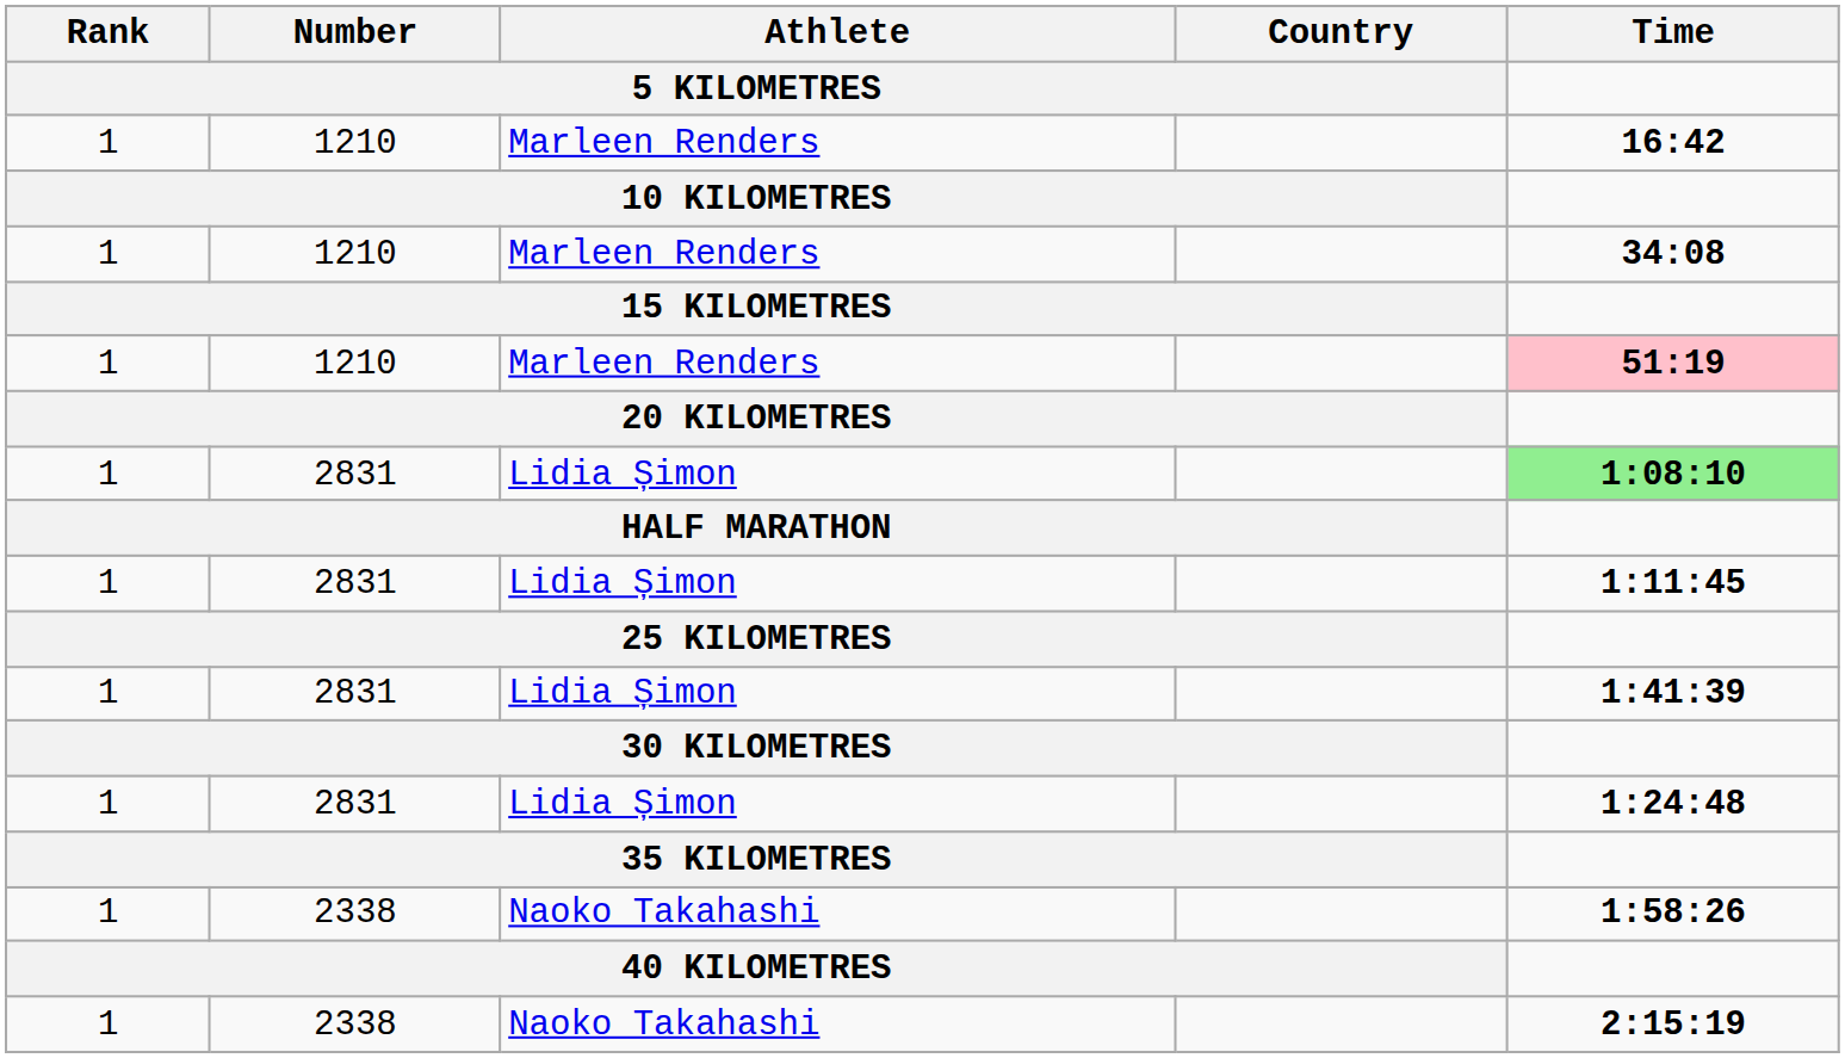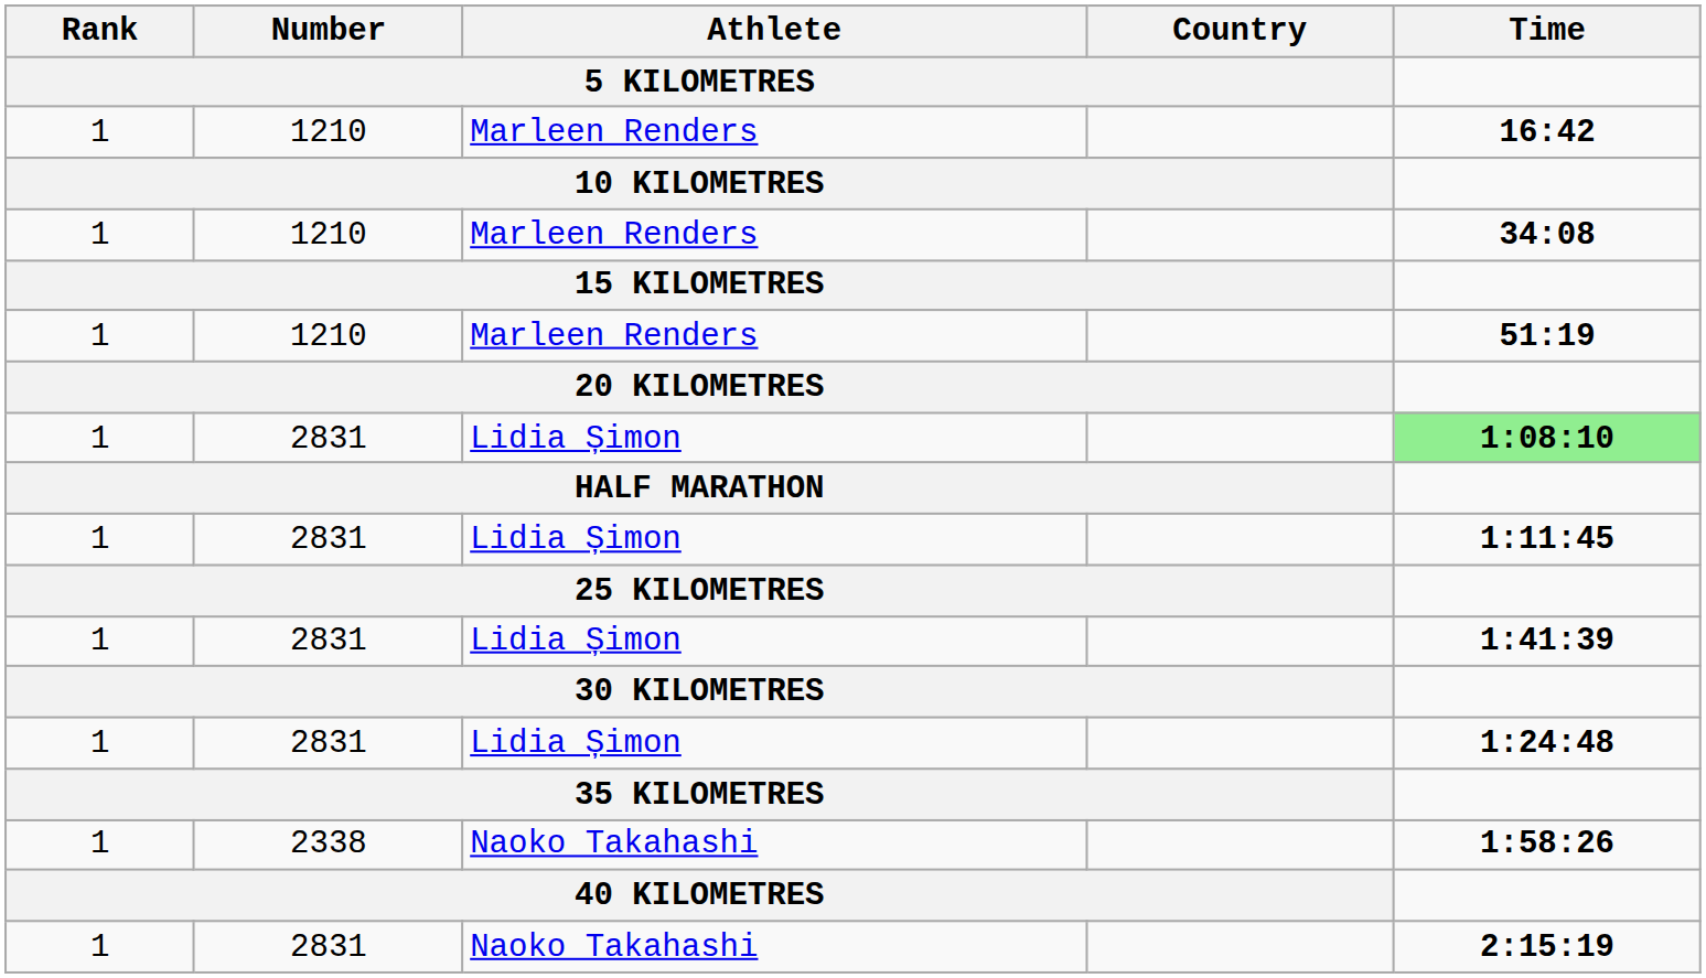 <table class="wikitable sortable" style=" text-align:center; font-size:110%;" width="60%">
 <tr>
 <th>Rank</th>
 <th>Number</th>
 <th>Athlete</th>
 <th>Country</th>
 <th>Time</th>
 </tr>
 <tr>
 <th colspan="4">5 KILOMETRES</th>
 </tr>
 <tr>
 <td>1</td>
 <td>1210</td>
 <td align=left><a href='#'>Marleen Renders</a></td>
 <td></td>
 <td><strong>16:42</strong></td>
 </tr>
 <tr>
 <th colspan="4">10 KILOMETRES</th>
 </tr>
 <tr>
 <td>1</td>
 <td>1210</td>
 <td align=left><a href='#'>Marleen Renders</a></td>
 <td></td>
 <td><strong>34:08</strong></td>
 </tr>
 <tr>
 <th colspan="4">15 KILOMETRES</th>
 </tr>
 <tr>
 <td>1</td>
 <td>1210</td>
 <td align=left><a href='#'>Marleen Renders</a></td>
 <td></td>
-<td style="background: pink;"><strong>51:19</strong></td>
+<td><strong>51:19</strong></td>
 </tr>
 <tr>
 <th colspan="4">20 KILOMETRES</th>
 </tr>
 <tr>
 <td>1</td>
 <td>2831</td>
 <td align=left><a href='#'>Lidia Șimon</a></td>
 <td></td>
 <td style="background: lightgreen;"><strong>1:08:10</strong></td>
 </tr>
 <tr>
 <th colspan="4">HALF MARATHON</th>
 </tr>
 <tr>
 <td>1</td>
 <td>2831</td>
 <td align=left><a href='#'>Lidia Șimon</a></td>
 <td></td>
 <td><strong>1:11:45</strong></td>
 </tr>
 <tr>
 <th colspan="4">25 KILOMETRES</th>
 </tr>
 <tr>
 <td>1</td>
 <td>2831</td>
 <td align=left><a href='#'>Lidia Șimon</a></td>
 <td></td>
 <td><strong>1:41:39</strong></td>
 </tr>
 <tr>
 <th colspan="4">30 KILOMETRES</th>
 </tr>
 <tr>
 <td>1</td>
 <td>2831</td>
 <td align=left><a href='#'>Lidia Șimon</a></td>
 <td></td>
 <td><strong>1:24:48</strong></td>
 </tr>
 <tr>
 <th colspan="4">35 KILOMETRES</th>
 </tr>
 <tr>
 <td>1</td>
 <td>2338</td>
 <td align=left><a href='#'>Naoko Takahashi</a></td>
 <td></td>
 <td><strong>1:58:26</strong></td>
 </tr>
 <tr>
 <th colspan="4">40 KILOMETRES</th>
 </tr>
 <tr>
 <td>1</td>
-<td>2338</td>
+<td>2831</td>
 <td align=left><a href='#'>Naoko Takahashi</a></td>
 <td></td>
 <td><strong>2:15:19</strong></td>
 </tr>
 </table>
